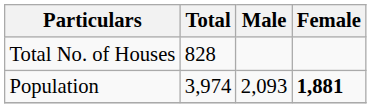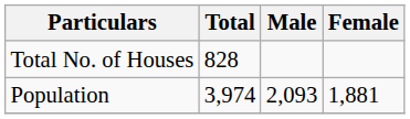 <table class="wikitable sortable">
 <tr>
 <th>Particulars</th>
 <th>Total</th>
 <th>Male</th>
 <th>Female</th>
 </tr>
 <tr>
 <td>Total No. of Houses</td>
 <td>828</td>
 <td></td>
 <td></td>
 </tr>
 <tr>
 <td>Population</td>
 <td>3,974</td>
 <td>2,093</td>
-<td><strong>1,881</strong></td>
+<td>1,881</td>
 </tr>
 <tr>
 </tr>
 </table>
